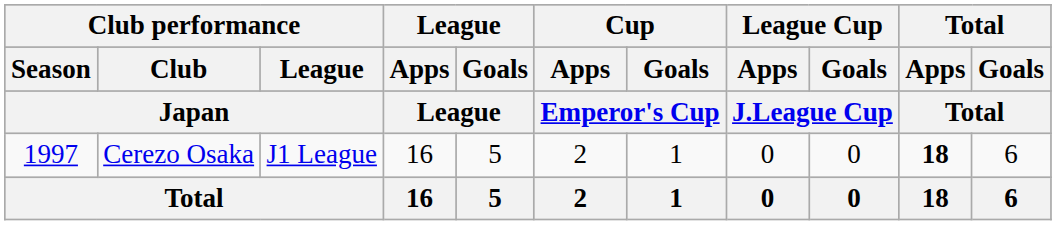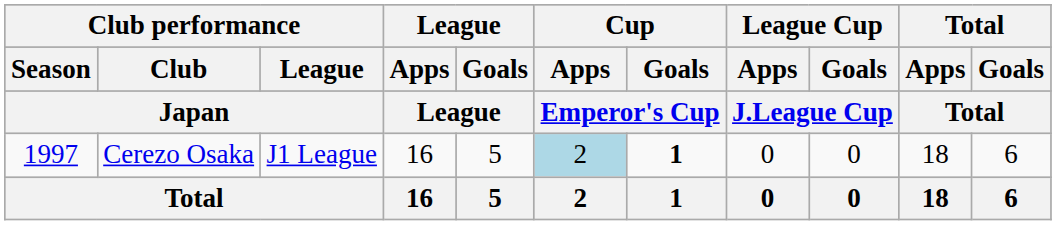 <table class="wikitable" style="text-align:center;">
 <tr>
 <th colspan=3>Club performance</th>
 <th colspan=2>League</th>
 <th colspan=2>Cup</th>
 <th colspan=2>League Cup</th>
 <th colspan=2>Total</th>
 </tr>
 <tr>
 <th>Season</th>
 <th>Club</th>
 <th>League</th>
 <th>Apps</th>
 <th>Goals</th>
 <th>Apps</th>
 <th>Goals</th>
 <th>Apps</th>
 <th>Goals</th>
 <th>Apps</th>
 <th>Goals</th>
 </tr>
 <tr>
 <th colspan=3>Japan</th>
 <th colspan=2>League</th>
 <th colspan=2><a href='#'>Emperor's Cup</a></th>
 <th colspan=2><a href='#'>J.League Cup</a></th>
 <th colspan=2>Total</th>
 </tr>
 <tr>
 <td><a href='#'>1997</a></td>
 <td><a href='#'>Cerezo Osaka</a></td>
 <td><a href='#'>J1 League</a></td>
 <td>16</td>
 <td>5</td>
-<td>2</td>
-<td>1</td>
+<td style="background: lightblue;">2</td>
+<td><strong>1</strong></td>
 <td>0</td>
 <td>0</td>
-<td><strong>18</strong></td>
+<td>18</td>
 <td>6</td>
 </tr>
 <tr>
 <th colspan=3>Total</th>
 <th>16</th>
 <th>5</th>
 <th>2</th>
 <th>1</th>
 <th>0</th>
 <th>0</th>
 <th>18</th>
 <th>6</th>
 </tr>
 </table>
